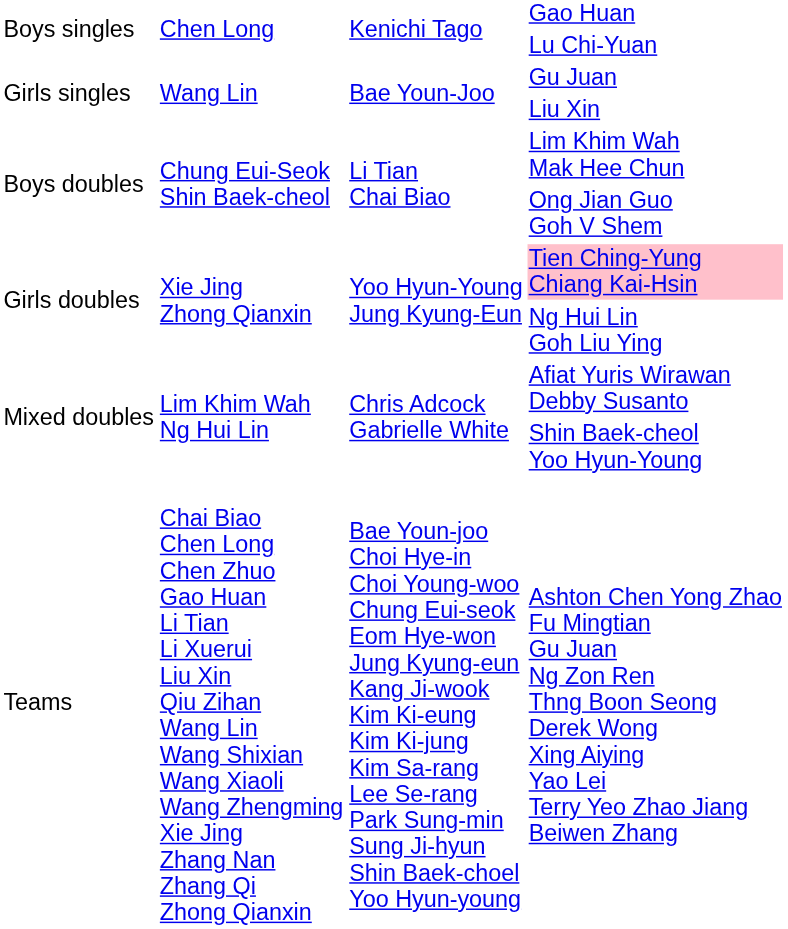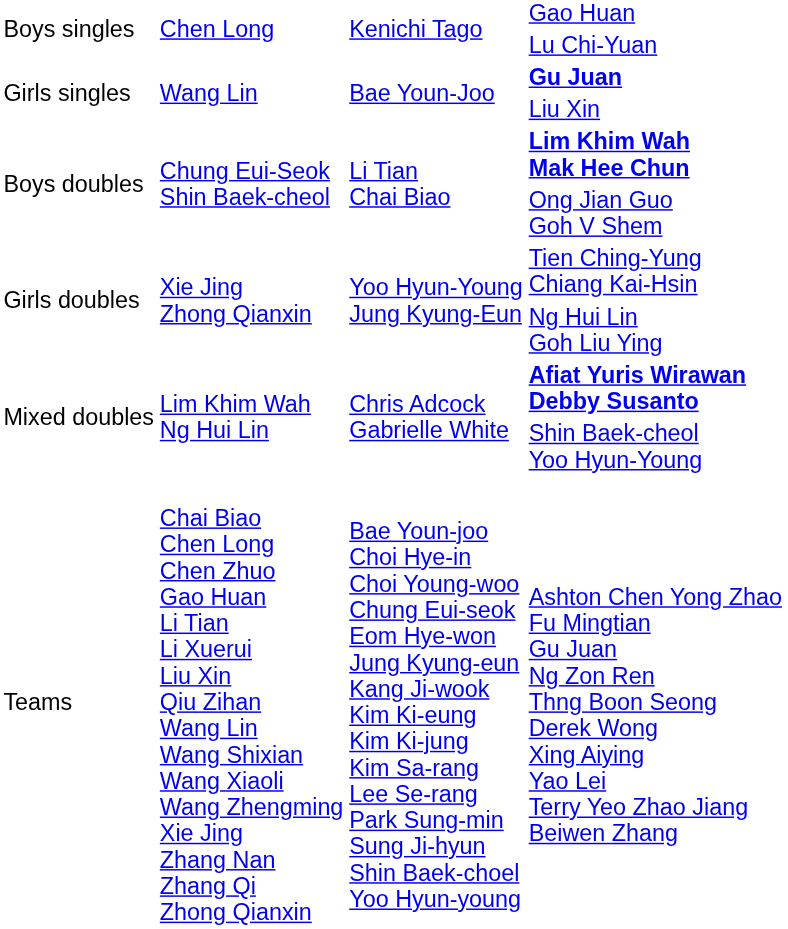 <table>
 <tr>
 <td rowspan=2>Boys singles</td>
 <td rowspan=2><span></span> <a href='#'>Chen Long</a></td>
 <td rowspan=2><span></span> <a href='#'>Kenichi Tago</a></td>
 <td><span></span> <a href='#'>Gao Huan</a></td>
 </tr>
 <tr>
 <td><span></span> <a href='#'>Lu Chi-Yuan</a></td>
 </tr>
 <tr>
 <td rowspan=2>Girls singles</td>
 <td rowspan=2><span></span> <a href='#'>Wang Lin</a></td>
 <td rowspan=2><span></span> <a href='#'>Bae Youn-Joo</a></td>
-<td><span></span> <a href='#'>Gu Juan</a></td>
+<td><strong><span></span> <a href='#'>Gu Juan</a></strong></td>
 </tr>
 <tr>
 <td><span></span> <a href='#'>Liu Xin</a></td>
 </tr>
 <tr>
 <td rowspan=2>Boys doubles</td>
 <td rowspan=2><span></span> <a href='#'>Chung Eui-Seok</a><br> <span></span> <a href='#'>Shin Baek-cheol</a></td>
 <td rowspan=2><span></span> <a href='#'>Li Tian</a><br> <span></span> <a href='#'>Chai Biao</a></td>
-<td><span></span> <a href='#'>Lim Khim Wah</a><br> <span></span> <a href='#'>Mak Hee Chun</a></td>
+<td><strong><span></span> <a href='#'>Lim Khim Wah</a><br> <span></span> <a href='#'>Mak Hee Chun</a></strong></td>
 </tr>
 <tr>
 <td><span></span> <a href='#'>Ong Jian Guo</a><br> <span></span> <a href='#'>Goh V Shem</a></td>
 </tr>
 <tr>
 <td rowspan=2>Girls doubles</td>
 <td rowspan=2><span></span> <a href='#'>Xie Jing</a><br> <span></span> <a href='#'>Zhong Qianxin</a></td>
 <td rowspan=2><span></span> <a href='#'>Yoo Hyun-Young</a><br> <span></span> <a href='#'>Jung Kyung-Eun</a></td>
-<td style="background: pink;"><span></span> <a href='#'>Tien Ching-Yung</a><br> <span></span> <a href='#'>Chiang Kai-Hsin</a></td>
+<td><span></span> <a href='#'>Tien Ching-Yung</a><br> <span></span> <a href='#'>Chiang Kai-Hsin</a></td>
 </tr>
 <tr>
 <td><span></span> <a href='#'>Ng Hui Lin</a><br> <span></span> <a href='#'>Goh Liu Ying</a></td>
 </tr>
 <tr>
 <td rowspan=2>Mixed doubles</td>
 <td rowspan=2><span></span> <a href='#'>Lim Khim Wah</a><br> <span></span> <a href='#'>Ng Hui Lin</a></td>
 <td rowspan=2><span></span> <a href='#'>Chris Adcock</a><br> <span></span> <a href='#'>Gabrielle White</a></td>
-<td><span></span> <a href='#'>Afiat Yuris Wirawan</a><br> <span></span> <a href='#'>Debby Susanto</a></td>
+<td><strong><span></span> <a href='#'>Afiat Yuris Wirawan</a><br> <span></span> <a href='#'>Debby Susanto</a></strong></td>
 </tr>
 <tr>
 <td><span></span> <a href='#'>Shin Baek-cheol</a><br> <span></span> <a href='#'>Yoo Hyun-Young</a></td>
 </tr>
 <tr>
 <td>Teams</td>
 <td><br><a href='#'>Chai Biao</a><br><a href='#'>Chen Long</a><br><a href='#'>Chen Zhuo</a><br><a href='#'>Gao Huan</a><br><a href='#'>Li Tian</a><br><a href='#'>Li Xuerui</a><br><a href='#'>Liu Xin</a><br><a href='#'>Qiu Zihan</a><br><a href='#'>Wang Lin</a><br><a href='#'>Wang Shixian</a><br><a href='#'>Wang Xiaoli</a><br><a href='#'>Wang Zhengming</a><br><a href='#'>Xie Jing</a><br><a href='#'>Zhang Nan</a><br><a href='#'>Zhang Qi</a><br><a href='#'>Zhong Qianxin</a></td>
 <td><br><a href='#'>Bae Youn-joo</a><br><a href='#'>Choi Hye-in</a><br><a href='#'>Choi Young-woo</a><br><a href='#'>Chung Eui-seok</a><br><a href='#'>Eom Hye-won</a><br><a href='#'>Jung Kyung-eun</a><br><a href='#'>Kang Ji-wook</a><br><a href='#'>Kim Ki-eung</a><br><a href='#'>Kim Ki-jung</a><br><a href='#'>Kim Sa-rang</a><br><a href='#'>Lee Se-rang</a><br><a href='#'>Park Sung-min</a><br><a href='#'>Sung Ji-hyun</a><br><a href='#'>Shin Baek-choel</a><br><a href='#'>Yoo Hyun-young</a></td>
 <td><br><a href='#'>Ashton Chen Yong Zhao</a><br><a href='#'>Fu Mingtian</a><br><a href='#'>Gu Juan</a><br><a href='#'>Ng Zon Ren</a><br><a href='#'>Thng Boon Seong</a><br><a href='#'>Derek Wong</a><br><a href='#'>Xing Aiying</a><br><a href='#'>Yao Lei</a><br><a href='#'>Terry Yeo Zhao Jiang</a><br><a href='#'>Beiwen Zhang</a></td>
 </tr>
 </table>
